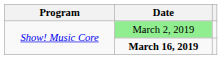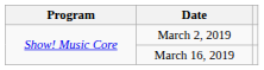 <table class="wikitable" style="text-align:center">
 <tr>
 <th width="160">Program</th>
 <th width="140">Date</th>
 <th class="unsortable"></th>
 </tr>
 <tr>
 <td rowspan="2"><em><a href='#'>Show! Music Core</a></em></td>
-<td style="background: lightgreen;">March 2, 2019</td>
+<td>March 2, 2019</td>
 <td></td>
 </tr>
 <tr>
-<td><strong>March 16, 2019</strong></td>
+<td>March 16, 2019</td>
 <td></td>
 </tr>
 </table>
